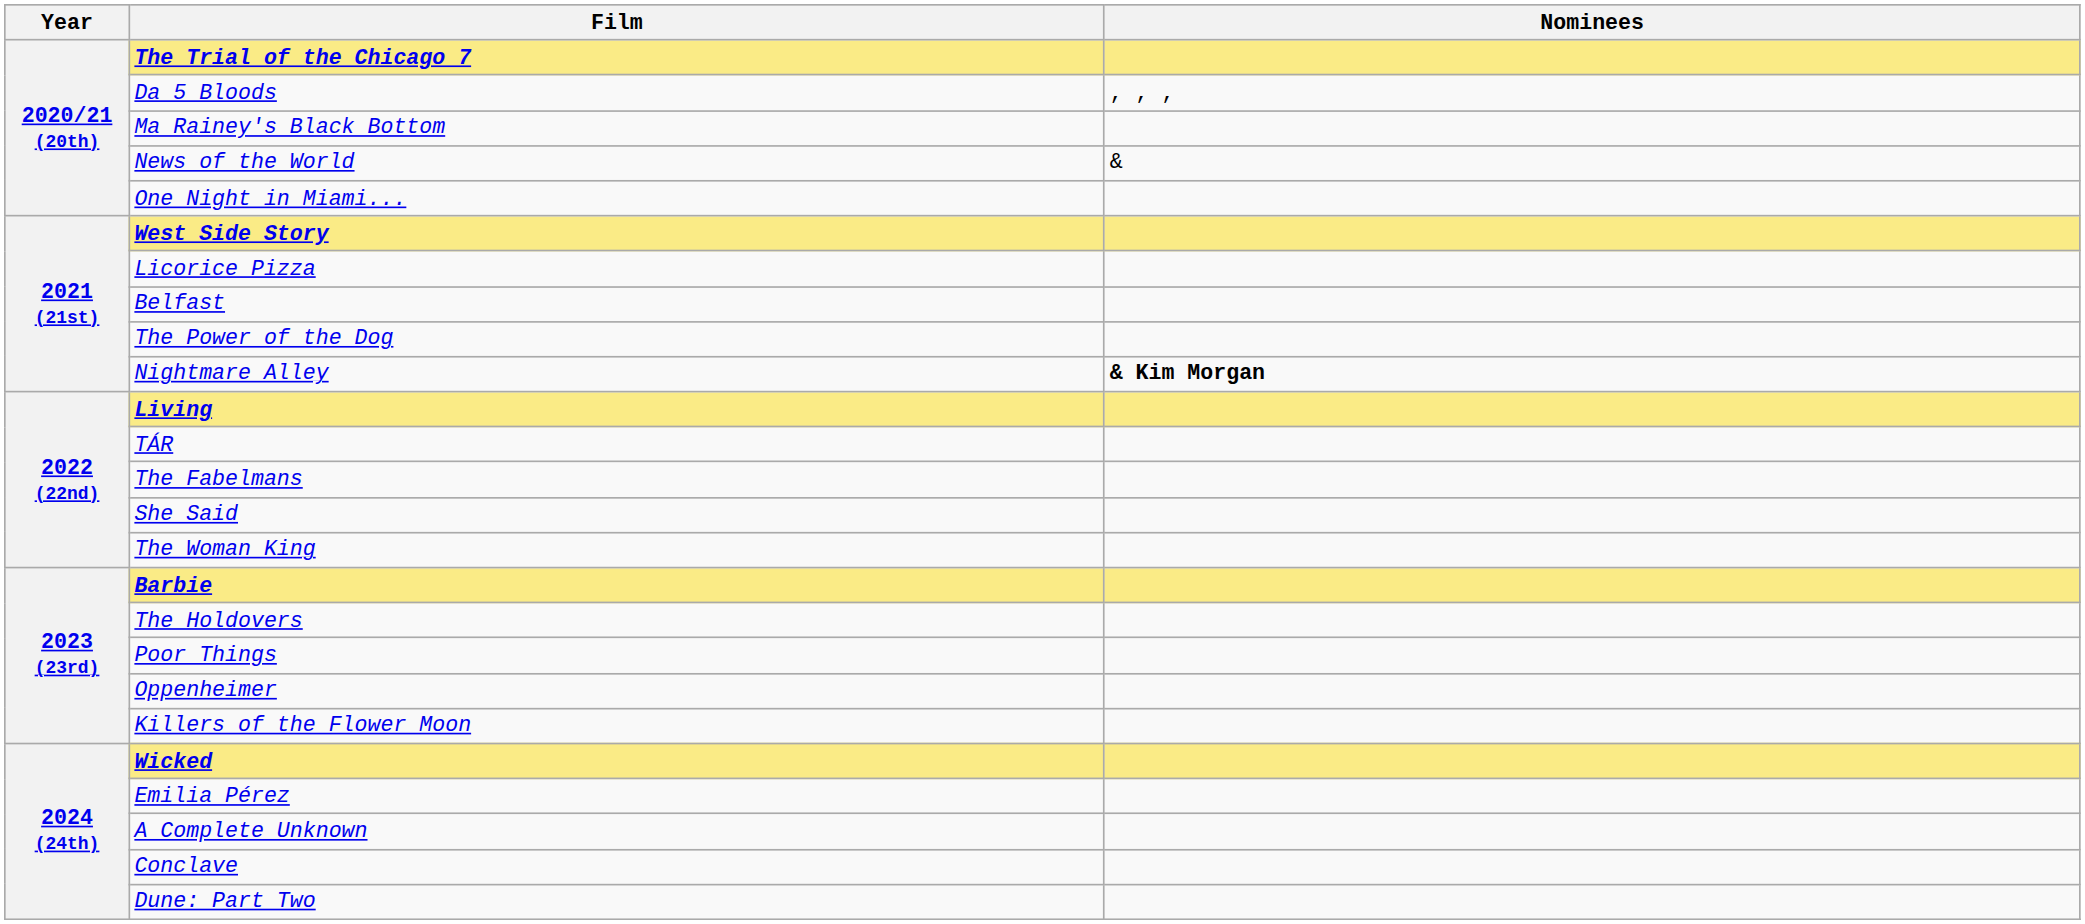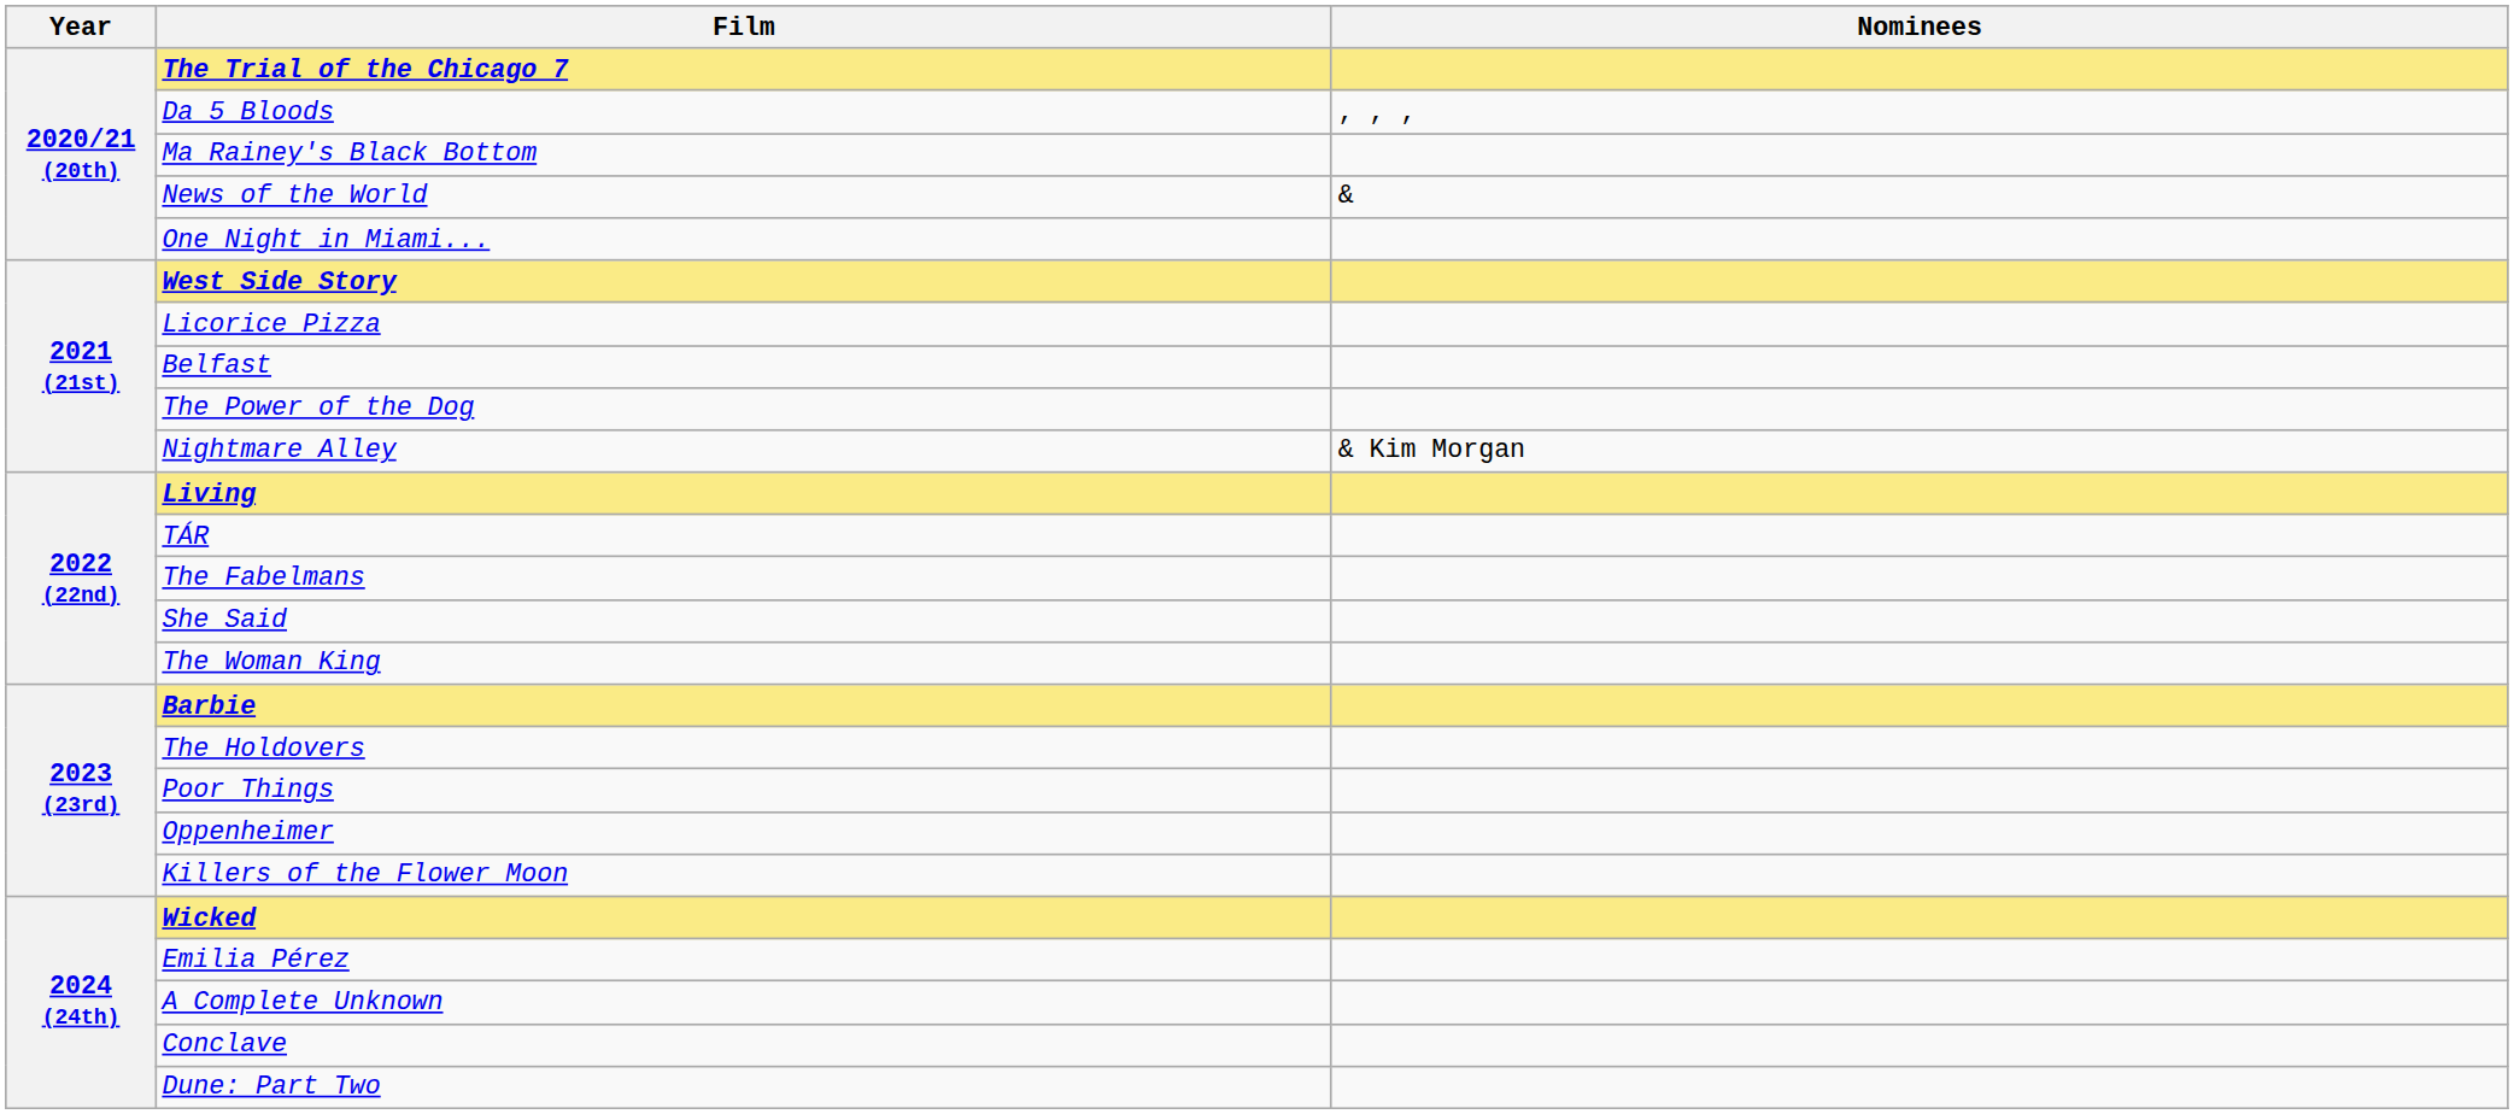 <table class="wikitable">
 <tr>
 <th width="2%">Year</th>
 <th width="30%">Film</th>
 <th width="30%">Nominees</th>
 </tr>
 <tr>
 <th scope="row" rowspan=5 style="text-align:center;"><a href='#'>2020/21</a><br><small><a href='#'>(20th)</a></small><br></th>
 <td style="background:#FAEB86"><strong><em><a href='#'>The Trial of the Chicago 7</a></em></strong></td>
 <td style="background:#FAEB86"><strong></strong></td>
 </tr>
 <tr>
 <td><em><a href='#'>Da 5 Bloods</a></em></td>
 <td>, , , </td>
 </tr>
 <tr>
 <td><em><a href='#'>Ma Rainey's Black Bottom</a></em></td>
 <td></td>
 </tr>
 <tr>
 <td><em><a href='#'>News of the World</a></em></td>
 <td> & </td>
 </tr>
 <tr>
 <td><em><a href='#'>One Night in Miami...</a></em></td>
 <td></td>
 </tr>
 <tr>
 <th scope="row" rowspan=5 style="text-align:center;"><a href='#'>2021</a><br><small><a href='#'>(21st)</a></small><br></th>
 <td style="background:#FAEB86"><strong><em><a href='#'>West Side Story</a></em></strong></td>
 <td style="background:#FAEB86"><strong></strong></td>
 </tr>
 <tr>
 <td><em><a href='#'>Licorice Pizza</a></em></td>
 <td></td>
 </tr>
 <tr>
 <td><em><a href='#'>Belfast</a></em></td>
 <td></td>
 </tr>
 <tr>
 <td><em><a href='#'>The Power of the Dog</a></em></td>
 <td></td>
 </tr>
 <tr>
 <td><em><a href='#'>Nightmare Alley</a></em></td>
-<td><strong> & Kim Morgan</strong></td>
+<td> & Kim Morgan</td>
 </tr>
 <tr>
 <th scope="row" rowspan=5 style="text-align:center;"><a href='#'>2022</a><br><small><a href='#'>(22nd)</a></small><br></th>
 <td style="background:#FAEB86"><strong><em><a href='#'>Living</a></em></strong></td>
 <td style="background:#FAEB86"><strong></strong></td>
 </tr>
 <tr>
 <td><em><a href='#'>TÁR</a></em></td>
 <td></td>
 </tr>
 <tr>
 <td><em><a href='#'>The Fabelmans</a></em></td>
 <td></td>
 </tr>
 <tr>
 <td><em><a href='#'>She Said</a></em></td>
 <td></td>
 </tr>
 <tr>
 <td><em><a href='#'>The Woman King</a></em></td>
 <td></td>
 </tr>
 <tr>
 <th scope="row" rowspan=5 style="text-align:center;"><a href='#'>2023</a><br><small><a href='#'>(23rd)</a></small></th>
 <td style="background:#FAEB86"><strong><em><a href='#'>Barbie</a></em></strong></td>
 <td style="background:#FAEB86"><strong></strong></td>
 </tr>
 <tr>
 <td><em><a href='#'>The Holdovers</a></em></td>
 <td></td>
 </tr>
 <tr>
 <td><em><a href='#'>Poor Things</a></em></td>
 <td></td>
 </tr>
 <tr>
 <td><em><a href='#'>Oppenheimer</a></em></td>
 <td></td>
 </tr>
 <tr>
 <td><em><a href='#'>Killers of the Flower Moon</a></em></td>
 <td></td>
 </tr>
 <tr>
 <th scope="row" rowspan=5 style="text-align:center;"><a href='#'>2024</a><br><small><a href='#'>(24th)</a></small></th>
 <td style="background:#FAEB86"><strong><em><a href='#'>Wicked</a></em></strong></td>
 <td style="background:#FAEB86"><strong></strong></td>
 </tr>
 <tr>
 <td><em><a href='#'>Emilia Pérez</a></em></td>
 <td></td>
 </tr>
 <tr>
 <td><em><a href='#'>A Complete Unknown</a></em></td>
 <td></td>
 </tr>
 <tr>
 <td><em><a href='#'>Conclave</a></em></td>
 <td></td>
 </tr>
 <tr>
 <td><em><a href='#'>Dune: Part Two</a></em></td>
 <td></td>
 </tr>
 <tr>
 </tr>
 </table>
